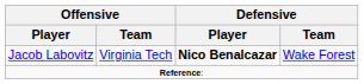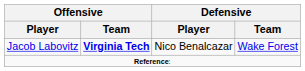 <table class="wikitable" style="text-align: center;">
 <tr>
 <th colspan="2">Offensive</th>
 <th colspan="2">Defensive</th>
 </tr>
 <tr>
 <th>Player</th>
 <th>Team</th>
 <th>Player</th>
 <th>Team</th>
 </tr>
 <tr>
 <td><a href='#'>Jacob Labovitz</a></td>
-<td><a href='#'>Virginia Tech</a></td>
-<td><strong>Nico Benalcazar</strong></td>
+<td><strong><a href='#'>Virginia Tech</a></strong></td>
+<td>Nico Benalcazar</td>
 <td><a href='#'>Wake Forest</a></td>
 </tr>
 <tr>
 <td colspan="4"  style="font-size:8pt; text-align:center;"><strong>Reference</strong>:</td>
 </tr>
 </table>
